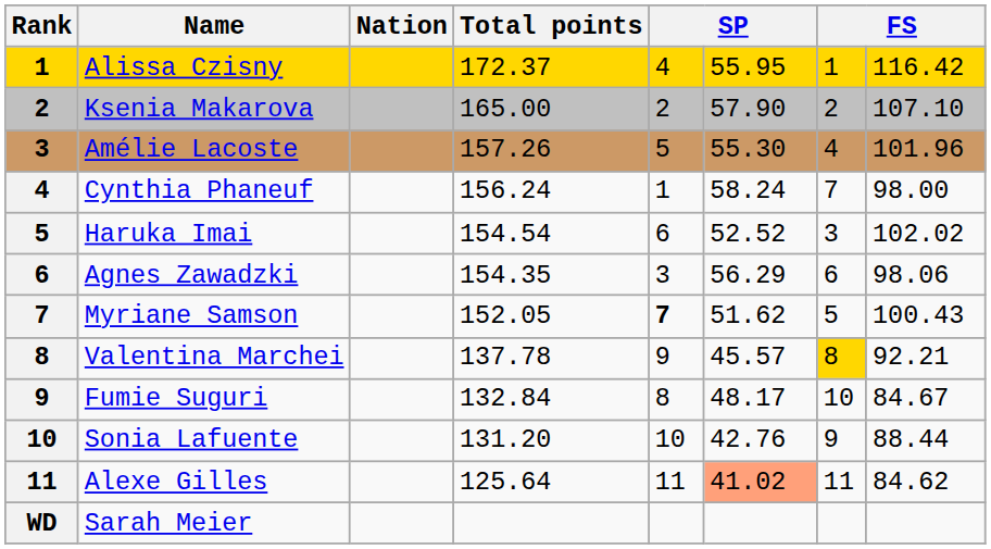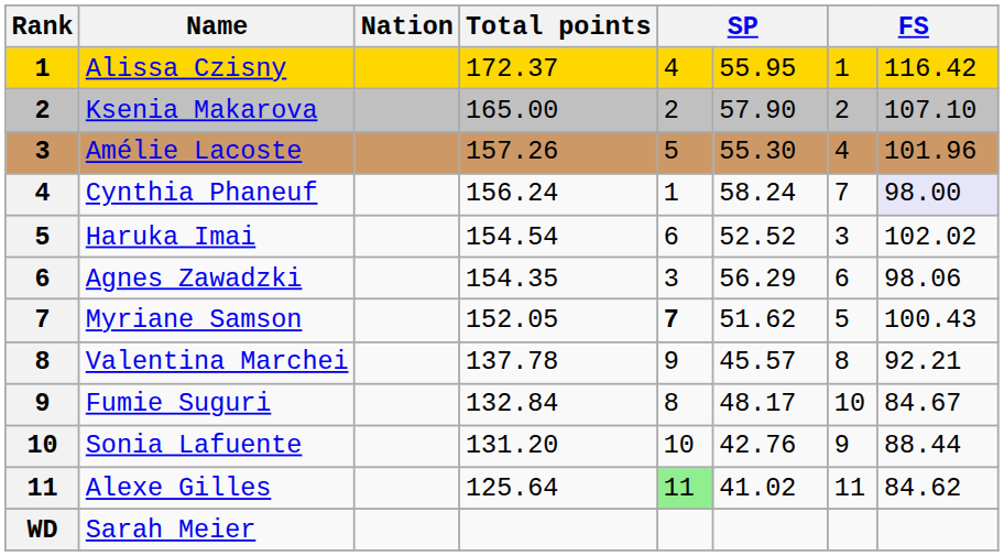 <table class="wikitable sortable">
 <tr>
 <th>Rank</th>
 <th>Name</th>
 <th>Nation</th>
 <th>Total points</th>
 <th colspan="2" width="80px"><a href='#'>SP</a></th>
 <th colspan="2" width="80px"><a href='#'>FS</a></th>
 </tr>
 <tr bgcolor="gold">
 <td align="center"><strong>1</strong></td>
 <td><a href='#'>Alissa Czisny</a></td>
 <td></td>
 <td>172.37</td>
 <td>4</td>
 <td>55.95</td>
 <td>1</td>
 <td>116.42</td>
 </tr>
 <tr bgcolor="silver">
 <td align="center"><strong>2</strong></td>
 <td><a href='#'>Ksenia Makarova</a></td>
 <td></td>
 <td>165.00</td>
 <td>2</td>
 <td>57.90</td>
 <td>2</td>
 <td>107.10</td>
 </tr>
 <tr bgcolor="cc9966">
 <td align="center"><strong>3</strong></td>
 <td><a href='#'>Amélie Lacoste</a></td>
 <td></td>
 <td>157.26</td>
 <td>5</td>
 <td>55.30</td>
 <td>4</td>
 <td>101.96</td>
 </tr>
 <tr>
 <th>4</th>
 <td><a href='#'>Cynthia Phaneuf</a></td>
 <td></td>
 <td>156.24</td>
 <td>1</td>
 <td>58.24</td>
 <td>7</td>
-<td>98.00</td>
+<td style="background: lavender;">98.00</td>
 </tr>
 <tr>
 <th>5</th>
 <td><a href='#'>Haruka Imai</a></td>
 <td></td>
 <td>154.54</td>
 <td>6</td>
 <td>52.52</td>
 <td>3</td>
 <td>102.02</td>
 </tr>
 <tr>
 <th>6</th>
 <td><a href='#'>Agnes Zawadzki</a></td>
 <td></td>
 <td>154.35</td>
 <td>3</td>
 <td>56.29</td>
 <td>6</td>
 <td>98.06</td>
 </tr>
 <tr>
 <th>7</th>
 <td><a href='#'>Myriane Samson</a></td>
 <td></td>
 <td>152.05</td>
 <td><strong>7</strong></td>
 <td>51.62</td>
 <td>5</td>
 <td>100.43</td>
 </tr>
 <tr>
 <th>8</th>
 <td><a href='#'>Valentina Marchei</a></td>
 <td></td>
 <td>137.78</td>
 <td>9</td>
 <td>45.57</td>
-<td style="background: gold;">8</td>
+<td>8</td>
 <td>92.21</td>
 </tr>
 <tr>
 <th>9</th>
 <td><a href='#'>Fumie Suguri</a></td>
 <td></td>
 <td>132.84</td>
 <td>8</td>
 <td>48.17</td>
 <td>10</td>
 <td>84.67</td>
 </tr>
 <tr>
 <th>10</th>
 <td><a href='#'>Sonia Lafuente</a></td>
 <td></td>
 <td>131.20</td>
 <td>10</td>
 <td>42.76</td>
 <td>9</td>
 <td>88.44</td>
 </tr>
 <tr>
 <th>11</th>
 <td><a href='#'>Alexe Gilles</a></td>
 <td></td>
 <td>125.64</td>
-<td>11</td>
-<td style="background: lightsalmon;">41.02</td>
+<td style="background: lightgreen;">11</td>
+<td>41.02</td>
 <td>11</td>
 <td>84.62</td>
 </tr>
 <tr>
 <th>WD</th>
 <td><a href='#'>Sarah Meier</a></td>
 <td></td>
 <td></td>
 <td></td>
 <td></td>
 <td></td>
 <td></td>
 </tr>
 </table>
